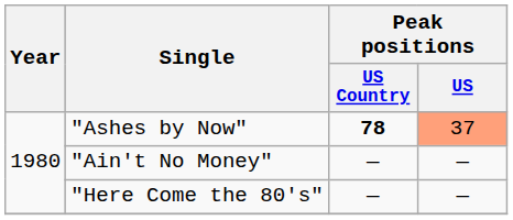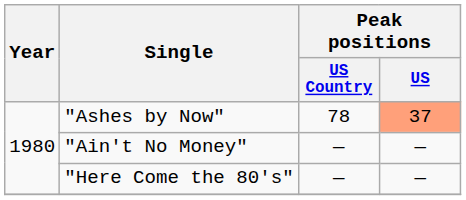 <table class="wikitable" style="text-align:center;">
 <tr>
 <th rowspan="2">Year</th>
 <th rowspan="2">Single</th>
 <th colspan="2">Peak positions</th>
 </tr>
 <tr style="font-size:smaller;">
 <th width="50"><a href='#'>US Country</a></th>
 <th width="50"><a href='#'>US</a></th>
 </tr>
 <tr>
 <td rowspan="3">1980</td>
 <td align="left">"Ashes by Now"</td>
-<td><strong>78</strong></td>
+<td>78</td>
 <td style="background: lightsalmon;">37</td>
 </tr>
 <tr>
 <td align="left">"Ain't No Money"</td>
 <td>—</td>
 <td>—</td>
 </tr>
 <tr>
 <td align="left">"Here Come the 80's"</td>
 <td>—</td>
 <td>—</td>
 </tr>
 <tr>
 </tr>
 </table>
